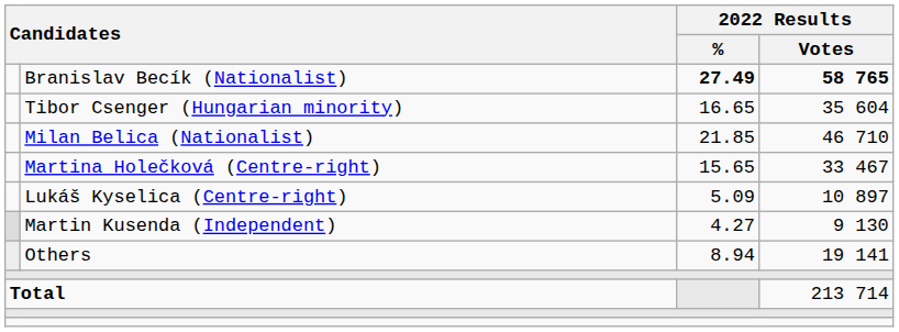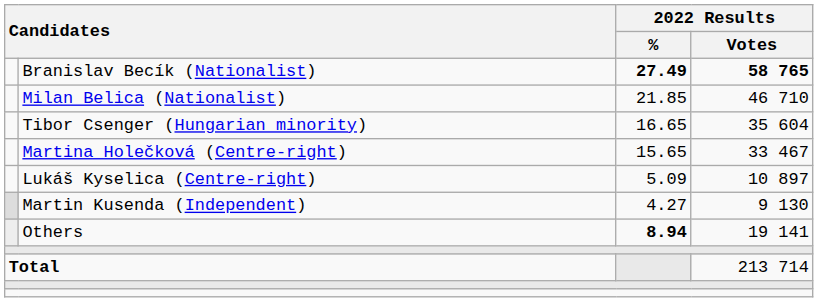 <table class="wikitable" style="text-align:right; font-size:97%;">
 <tr>
 <th style="text-align:left;" rowspan="2" colspan="2" width="450">Candidates</th>
 <th colspan="2">2022 Results</th>
 </tr>
 <tr>
 <th width="50">%</th>
 <th width="85">Votes</th>
 </tr>
 <tr>
 <td style="color:inherit;background:"></td>
 <td align="left">Branislav Becík (<a href='#'>Nationalist</a>)</td>
 <td><strong>27.49</strong></td>
 <td><strong>58 765</strong></td>
 </tr>
 <tr>
 <td style="color:inherit;background:"></td>
+<td align="left"><a href='#'>Milan Belica</a> (<a href='#'>Nationalist</a>)</td>
+<td>21.85</td>
+<td>46 710</td>
+</tr>
+<tr>
+<td style="color:inherit;background:"></td>
 <td align="left">Tibor Csenger (<a href='#'>Hungarian minority</a>)</td>
 <td>16.65</td>
 <td>35 604</td>
-</tr>
-<tr>
-<td style="color:inherit;background:"></td>
-<td align="left"><a href='#'>Milan Belica</a> (<a href='#'>Nationalist</a>)</td>
-<td>21.85</td>
-<td>46 710</td>
 </tr>
 <tr>
 <td style="color:inherit;background:"></td>
 <td align="left"><a href='#'>Martina Holečková</a> (<a href='#'>Centre-right</a>)</td>
 <td>15.65</td>
 <td>33 467</td>
 </tr>
 <tr>
 <td style="color:inherit;background:"></td>
 <td align="left">Lukáš Kyselica (<a href='#'>Centre-right</a>)</td>
 <td>5.09</td>
 <td>10 897</td>
 </tr>
 <tr>
 <td style="color:inherit;background:#dddddd"></td>
 <td align="left">Martin Kusenda (<a href='#'>Independent</a>)</td>
 <td>4.27</td>
 <td>9 130</td>
 </tr>
 <tr>
 <td style="color:inherit;background:#eeeeee"></td>
 <td align="left">Others</td>
-<td>8.94</td>
+<td><strong>8.94</strong></td>
 <td>19 141</td>
 </tr>
 <tr>
 <td colspan="4" bgcolor="#E9E9E9"></td>
 </tr>
 <tr>
 <td align="left" colspan="2"><strong>Total</strong></td>
 <td bgcolor="#E9E9E9"></td>
 <td>213 714</td>
 </tr>
 <tr>
 <td colspan="4" bgcolor="#E9E9E9"></td>
 </tr>
 <tr>
 <td colspan="4"></td>
 </tr>
 </table>
